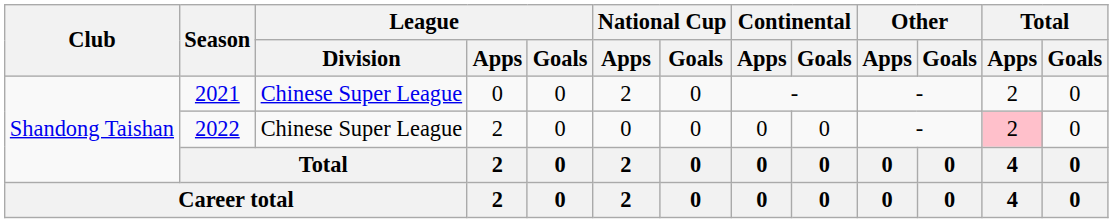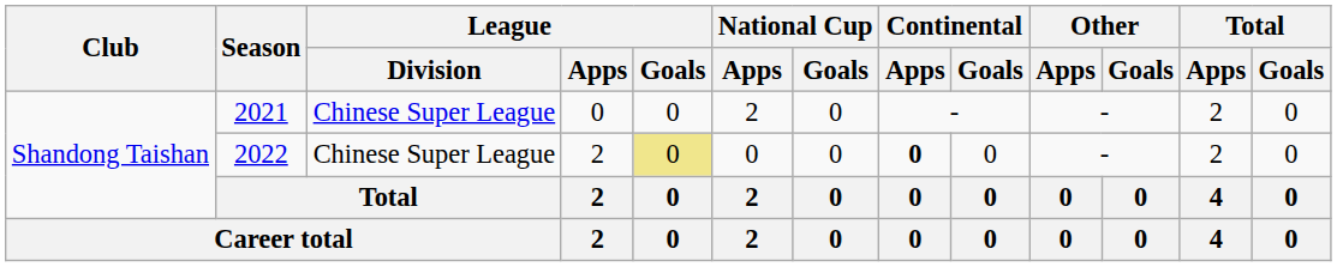 <table class="wikitable" style="text-align: center">
 <tr>
 <th rowspan="2">Club</th>
 <th rowspan="2">Season</th>
 <th colspan="3">League</th>
 <th colspan="2">National Cup</th>
 <th colspan="2">Continental</th>
 <th colspan="2">Other</th>
 <th colspan="2">Total</th>
 </tr>
 <tr>
 <th>Division</th>
 <th>Apps</th>
 <th>Goals</th>
 <th>Apps</th>
 <th>Goals</th>
 <th>Apps</th>
 <th>Goals</th>
 <th>Apps</th>
 <th>Goals</th>
 <th>Apps</th>
 <th>Goals</th>
 </tr>
 <tr>
 <td rowspan=3><a href='#'>Shandong Taishan</a></td>
 <td><a href='#'>2021</a></td>
 <td><a href='#'>Chinese Super League</a></td>
 <td>0</td>
 <td>0</td>
 <td>2</td>
 <td>0</td>
 <td colspan="2">-</td>
 <td colspan="2">-</td>
 <td>2</td>
 <td>0</td>
 </tr>
 <tr>
 <td><a href='#'>2022</a></td>
 <td>Chinese Super League</td>
 <td>2</td>
+<td style="background: khaki;">0</td>
 <td>0</td>
 <td>0</td>
-<td>0</td>
-<td>0</td>
+<td><strong>0</strong></td>
 <td>0</td>
 <td colspan="2">-</td>
-<td style="background: pink;">2</td>
+<td>2</td>
 <td>0</td>
 </tr>
 <tr>
 <th colspan=2>Total</th>
 <th>2</th>
 <th>0</th>
 <th>2</th>
 <th>0</th>
 <th>0</th>
 <th>0</th>
 <th>0</th>
 <th>0</th>
 <th>4</th>
 <th>0</th>
 </tr>
 <tr>
 <th colspan=3>Career total</th>
 <th>2</th>
 <th>0</th>
 <th>2</th>
 <th>0</th>
 <th>0</th>
 <th>0</th>
 <th>0</th>
 <th>0</th>
 <th>4</th>
 <th>0</th>
 </tr>
 </table>
